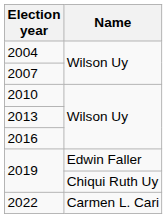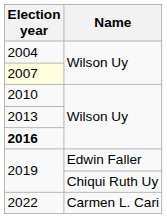 <table class=wikitable>
 <tr>
 <th>Election<br>year</th>
 <th>Name</th>
 </tr>
 <tr>
 <td>2004</td>
 <td rowspan="2">Wilson Uy</td>
 </tr>
 <tr>
-<td>2007</td>
+<td style="background: lightyellow;">2007</td>
 </tr>
 <tr>
 <td>2010</td>
 <td rowspan="3">Wilson Uy</td>
 </tr>
 <tr>
 <td>2013</td>
 </tr>
 <tr>
-<td>2016</td>
+<td><strong>2016</strong></td>
 </tr>
 <tr>
 <td rowspan="2">2019</td>
 <td>Edwin Faller</td>
 </tr>
 <tr>
 <td>Chiqui Ruth Uy</td>
 </tr>
 <tr>
 <td rowspan="2">2022</td>
 <td>Carmen L. Cari</td>
 </tr>
 </table>
